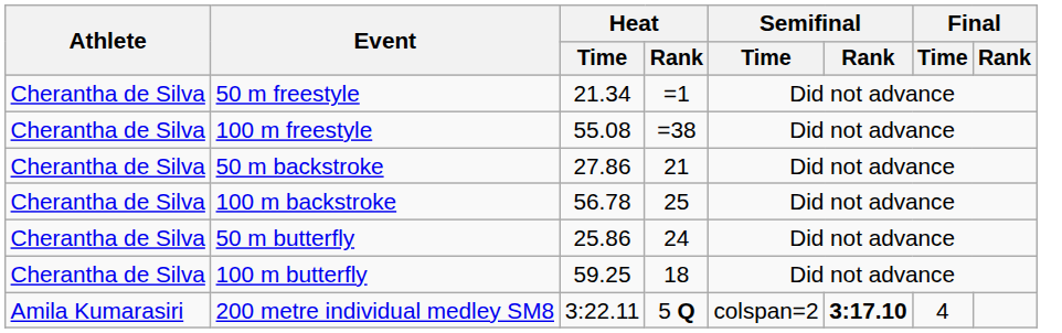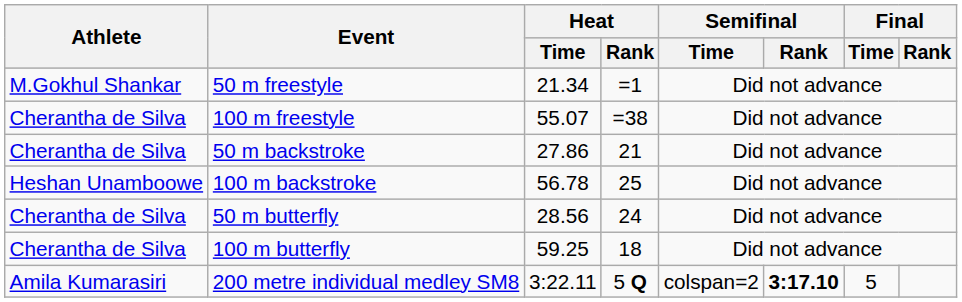 <table class=wikitable style=font-size:90%>
 <tr>
 <th rowspan=2>Athlete</th>
 <th rowspan=2>Event</th>
 <th colspan=2>Heat</th>
 <th colspan=2>Semifinal</th>
 <th colspan=2>Final</th>
 </tr>
 <tr style=font-size:95%>
 <th>Time</th>
 <th>Rank</th>
 <th>Time</th>
 <th>Rank</th>
 <th>Time</th>
 <th>Rank</th>
 </tr>
 <tr align=center>
-<td align=left><a href='#'>Cherantha de Silva</a></td>
+<td align=left><a href='#'>M.Gokhul Shankar</a></td>
 <td align=left><a href='#'>50 m freestyle</a></td>
 <td>21.34</td>
 <td>=1</td>
 <td colspan=4>Did not advance</td>
 </tr>
 <tr align=center>
 <td align=left><a href='#'>Cherantha de Silva</a></td>
 <td align=left><a href='#'>100 m freestyle</a></td>
-<td>55.08</td>
+<td>55.07</td>
 <td>=38</td>
 <td colspan=4>Did not advance</td>
 </tr>
 <tr align=center>
 <td align=left><a href='#'>Cherantha de Silva</a></td>
 <td align=left><a href='#'>50 m backstroke</a></td>
 <td>27.86</td>
 <td>21</td>
 <td colspan=4>Did not advance</td>
 </tr>
 <tr align=center>
-<td align=left><a href='#'>Cherantha de Silva</a></td>
+<td align=left><a href='#'>Heshan Unamboowe</a></td>
 <td align=left><a href='#'>100 m backstroke</a></td>
 <td>56.78</td>
 <td>25</td>
 <td colspan=4>Did not advance</td>
 </tr>
 <tr align=center>
 <td align=left><a href='#'>Cherantha de Silva</a></td>
 <td align=left><a href='#'>50 m butterfly</a></td>
-<td>25.86</td>
+<td>28.56</td>
 <td>24</td>
 <td colspan=4>Did not advance</td>
 </tr>
 <tr align=center>
 <td align=left><a href='#'>Cherantha de Silva</a></td>
 <td align=left><a href='#'>100 m butterfly</a></td>
 <td>59.25</td>
 <td>18</td>
 <td colspan=4>Did not advance</td>
 </tr>
 <tr align=center>
 <td align=left><a href='#'>Amila Kumarasiri</a></td>
 <td align=left><a href='#'>200 metre individual medley SM8</a></td>
 <td>3:22.11</td>
 <td>5 <strong>Q</strong></td>
 <td>colspan=2 </td>
 <td><strong>3:17.10</strong></td>
-<td>4</td>
+<td>5</td>
 </tr>
 </table>
